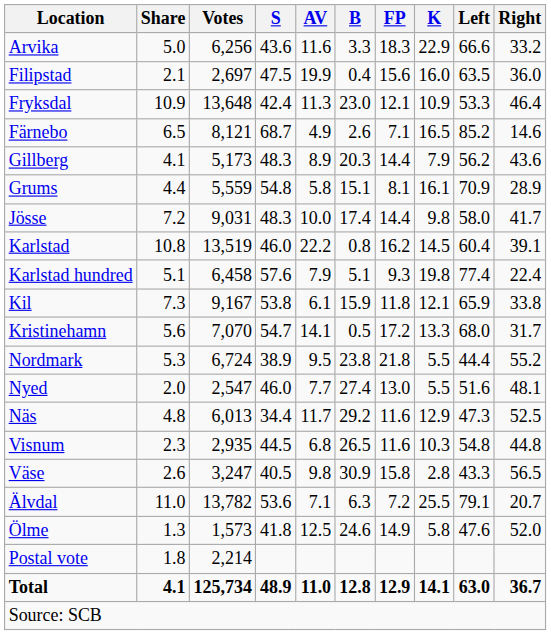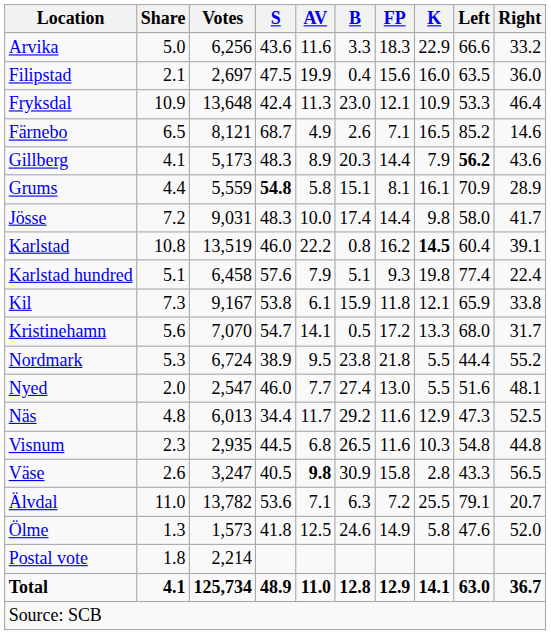 <table class="wikitable sortable" style=text-align:right>
 <tr>
 <th>Location</th>
 <th>Share</th>
 <th>Votes</th>
 <th><a href='#'>S</a></th>
 <th><a href='#'>AV</a></th>
 <th><a href='#'>B</a></th>
 <th><a href='#'>FP</a></th>
 <th><a href='#'>K</a></th>
 <th>Left</th>
 <th>Right</th>
 </tr>
 <tr>
 <td align=left><a href='#'>Arvika</a></td>
 <td>5.0</td>
 <td>6,256</td>
 <td>43.6</td>
 <td>11.6</td>
 <td>3.3</td>
 <td>18.3</td>
 <td>22.9</td>
 <td>66.6</td>
 <td>33.2</td>
 </tr>
 <tr>
 <td align=left><a href='#'>Filipstad</a></td>
 <td>2.1</td>
 <td>2,697</td>
 <td>47.5</td>
 <td>19.9</td>
 <td>0.4</td>
 <td>15.6</td>
 <td>16.0</td>
 <td>63.5</td>
 <td>36.0</td>
 </tr>
 <tr>
 <td align=left><a href='#'>Fryksdal</a></td>
 <td>10.9</td>
 <td>13,648</td>
 <td>42.4</td>
 <td>11.3</td>
 <td>23.0</td>
 <td>12.1</td>
 <td>10.9</td>
 <td>53.3</td>
 <td>46.4</td>
 </tr>
 <tr>
 <td align=left><a href='#'>Färnebo</a></td>
 <td>6.5</td>
 <td>8,121</td>
 <td>68.7</td>
 <td>4.9</td>
 <td>2.6</td>
 <td>7.1</td>
 <td>16.5</td>
 <td>85.2</td>
 <td>14.6</td>
 </tr>
 <tr>
 <td align=left><a href='#'>Gillberg</a></td>
 <td>4.1</td>
 <td>5,173</td>
 <td>48.3</td>
 <td>8.9</td>
 <td>20.3</td>
 <td>14.4</td>
 <td>7.9</td>
-<td>56.2</td>
+<td><strong>56.2</strong></td>
 <td>43.6</td>
 </tr>
 <tr>
 <td align=left><a href='#'>Grums</a></td>
 <td>4.4</td>
 <td>5,559</td>
-<td>54.8</td>
+<td><strong>54.8</strong></td>
 <td>5.8</td>
 <td>15.1</td>
 <td>8.1</td>
 <td>16.1</td>
 <td>70.9</td>
 <td>28.9</td>
 </tr>
 <tr>
 <td align=left><a href='#'>Jösse</a></td>
 <td>7.2</td>
 <td>9,031</td>
 <td>48.3</td>
 <td>10.0</td>
 <td>17.4</td>
 <td>14.4</td>
 <td>9.8</td>
 <td>58.0</td>
 <td>41.7</td>
 </tr>
 <tr>
 <td align=left><a href='#'>Karlstad</a></td>
 <td>10.8</td>
 <td>13,519</td>
 <td>46.0</td>
 <td>22.2</td>
 <td>0.8</td>
 <td>16.2</td>
-<td>14.5</td>
+<td><strong>14.5</strong></td>
 <td>60.4</td>
 <td>39.1</td>
 </tr>
 <tr>
 <td align=left><a href='#'>Karlstad hundred</a></td>
 <td>5.1</td>
 <td>6,458</td>
 <td>57.6</td>
 <td>7.9</td>
 <td>5.1</td>
 <td>9.3</td>
 <td>19.8</td>
 <td>77.4</td>
 <td>22.4</td>
 </tr>
 <tr>
 <td align=left><a href='#'>Kil</a></td>
 <td>7.3</td>
 <td>9,167</td>
 <td>53.8</td>
 <td>6.1</td>
 <td>15.9</td>
 <td>11.8</td>
 <td>12.1</td>
 <td>65.9</td>
 <td>33.8</td>
 </tr>
 <tr>
 <td align=left><a href='#'>Kristinehamn</a></td>
 <td>5.6</td>
 <td>7,070</td>
 <td>54.7</td>
 <td>14.1</td>
 <td>0.5</td>
 <td>17.2</td>
 <td>13.3</td>
 <td>68.0</td>
 <td>31.7</td>
 </tr>
 <tr>
 <td align=left><a href='#'>Nordmark</a></td>
 <td>5.3</td>
 <td>6,724</td>
 <td>38.9</td>
 <td>9.5</td>
 <td>23.8</td>
 <td>21.8</td>
 <td>5.5</td>
 <td>44.4</td>
 <td>55.2</td>
 </tr>
 <tr>
 <td align=left><a href='#'>Nyed</a></td>
 <td>2.0</td>
 <td>2,547</td>
 <td>46.0</td>
 <td>7.7</td>
 <td>27.4</td>
 <td>13.0</td>
 <td>5.5</td>
 <td>51.6</td>
 <td>48.1</td>
 </tr>
 <tr>
 <td align=left><a href='#'>Näs</a></td>
 <td>4.8</td>
 <td>6,013</td>
 <td>34.4</td>
 <td>11.7</td>
 <td>29.2</td>
 <td>11.6</td>
 <td>12.9</td>
 <td>47.3</td>
 <td>52.5</td>
 </tr>
 <tr>
 <td align=left><a href='#'>Visnum</a></td>
 <td>2.3</td>
 <td>2,935</td>
 <td>44.5</td>
 <td>6.8</td>
 <td>26.5</td>
 <td>11.6</td>
 <td>10.3</td>
 <td>54.8</td>
 <td>44.8</td>
 </tr>
 <tr>
 <td align=left><a href='#'>Väse</a></td>
 <td>2.6</td>
 <td>3,247</td>
 <td>40.5</td>
-<td>9.8</td>
+<td><strong>9.8</strong></td>
 <td>30.9</td>
 <td>15.8</td>
 <td>2.8</td>
 <td>43.3</td>
 <td>56.5</td>
 </tr>
 <tr>
 <td align=left><a href='#'>Älvdal</a></td>
 <td>11.0</td>
 <td>13,782</td>
 <td>53.6</td>
 <td>7.1</td>
 <td>6.3</td>
 <td>7.2</td>
 <td>25.5</td>
 <td>79.1</td>
 <td>20.7</td>
 </tr>
 <tr>
 <td align=left><a href='#'>Ölme</a></td>
 <td>1.3</td>
 <td>1,573</td>
 <td>41.8</td>
 <td>12.5</td>
 <td>24.6</td>
 <td>14.9</td>
 <td>5.8</td>
 <td>47.6</td>
 <td>52.0</td>
 </tr>
 <tr>
 <td align=left><a href='#'>Postal vote</a></td>
 <td>1.8</td>
 <td>2,214</td>
 <td></td>
 <td></td>
 <td></td>
 <td></td>
 <td></td>
 <td></td>
 <td></td>
 </tr>
 <tr>
 <td align=left><strong>Total</strong></td>
 <td><strong>4.1</strong></td>
 <td><strong>125,734</strong></td>
 <td><strong>48.9</strong></td>
 <td><strong>11.0</strong></td>
 <td><strong>12.8</strong></td>
 <td><strong>12.9</strong></td>
 <td><strong>14.1</strong></td>
 <td><strong>63.0</strong></td>
 <td><strong>36.7</strong></td>
 </tr>
 <tr>
 <td align=left colspan=10>Source: SCB </td>
 </tr>
 </table>
